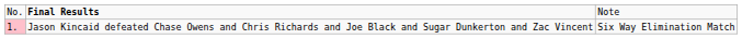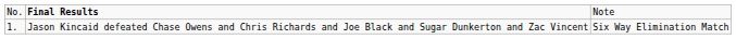 <table class="wikitable">
 <tr>
 <td>No.</td>
 <td><strong>Final Results</strong></td>
 <td>Note</td>
 </tr>
 <tr>
-<td style="background: pink;">1.</td>
+<td>1.</td>
 <td>Jason Kincaid defeated Chase Owens and Chris Richards and Joe Black and Sugar Dunkerton and Zac Vincent</td>
 <td>Six Way Elimination Match</td>
 </tr>
 </table>
